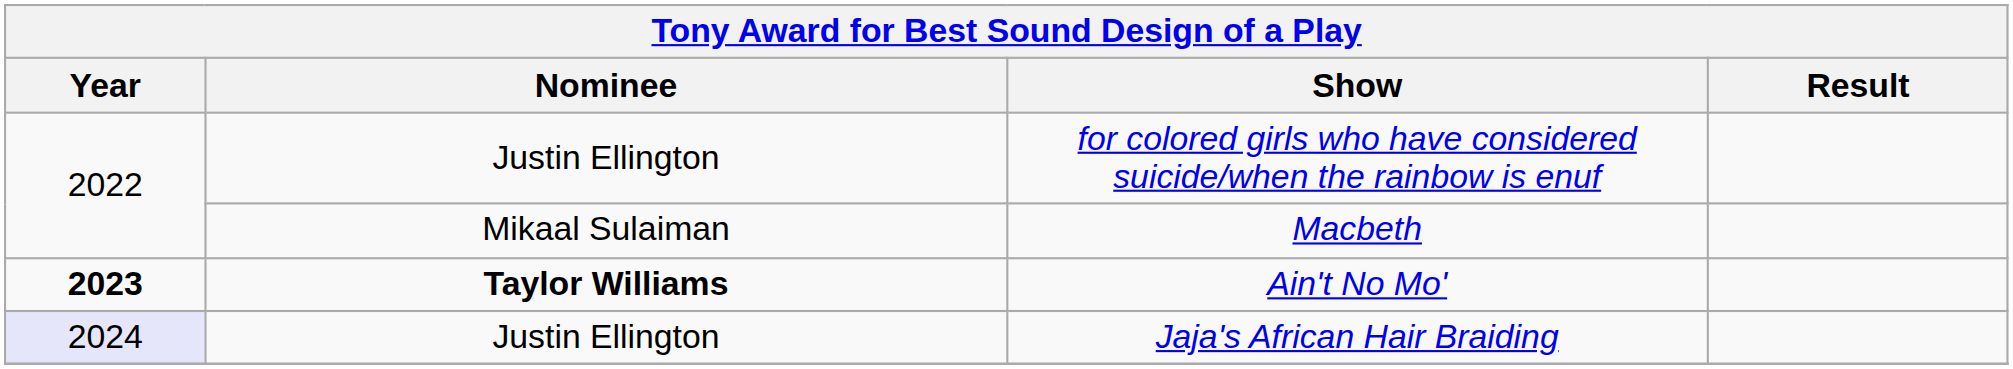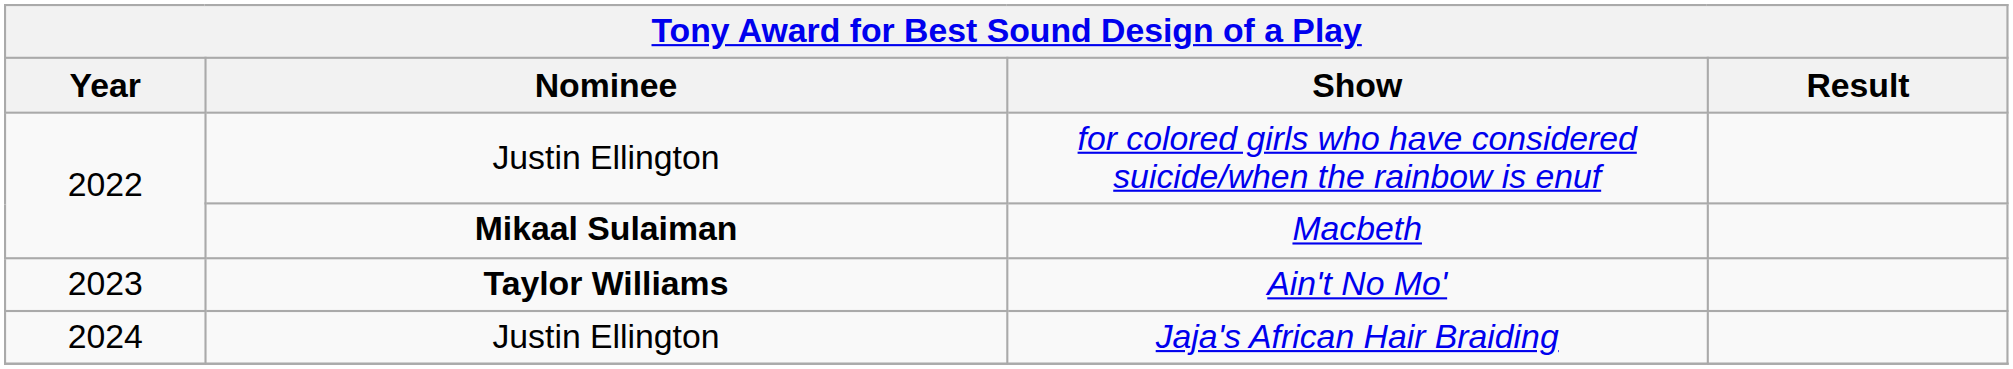 <table class="wikitable" width="60%" style="text-align: center">
 <tr>
 <th colspan="4"><a href='#'>Tony Award for Best Sound Design of a Play</a></th>
 </tr>
 <tr>
 <th style="width:10%;">Year</th>
 <th style="width:40%;">Nominee</th>
 <th style="width:35%;">Show</th>
 <th style="width:15%;">Result</th>
 </tr>
 <tr>
 <td rowspan="2">2022</td>
 <td>Justin Ellington</td>
 <td><em><a href='#'>for colored girls who have considered suicide/when the rainbow is enuf</a></em></td>
 <td></td>
 </tr>
 <tr>
-<td>Mikaal Sulaiman</td>
+<td><strong>Mikaal Sulaiman</strong></td>
 <td><em><a href='#'>Macbeth</a></em></td>
 <td></td>
 </tr>
 <tr>
-<td><strong>2023</strong></td>
+<td>2023</td>
 <td><strong>Taylor Williams</strong></td>
 <td><em><a href='#'>Ain't No Mo'</a></em></td>
 <td></td>
 </tr>
 <tr>
-<td style="background: lavender;">2024</td>
+<td>2024</td>
 <td>Justin Ellington</td>
 <td><em><a href='#'>Jaja's African Hair Braiding</a></em></td>
 <td></td>
 </tr>
 <tr>
 </tr>
 </table>
